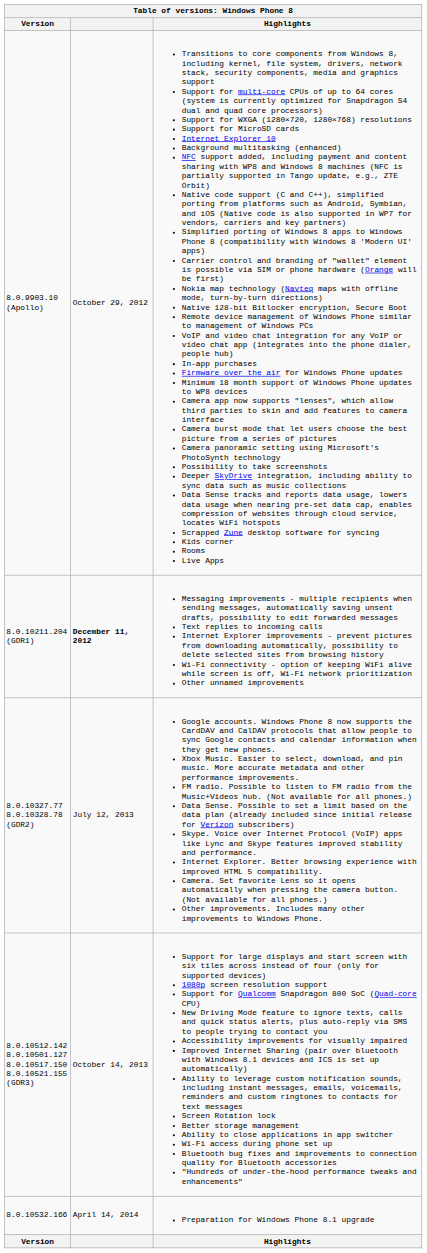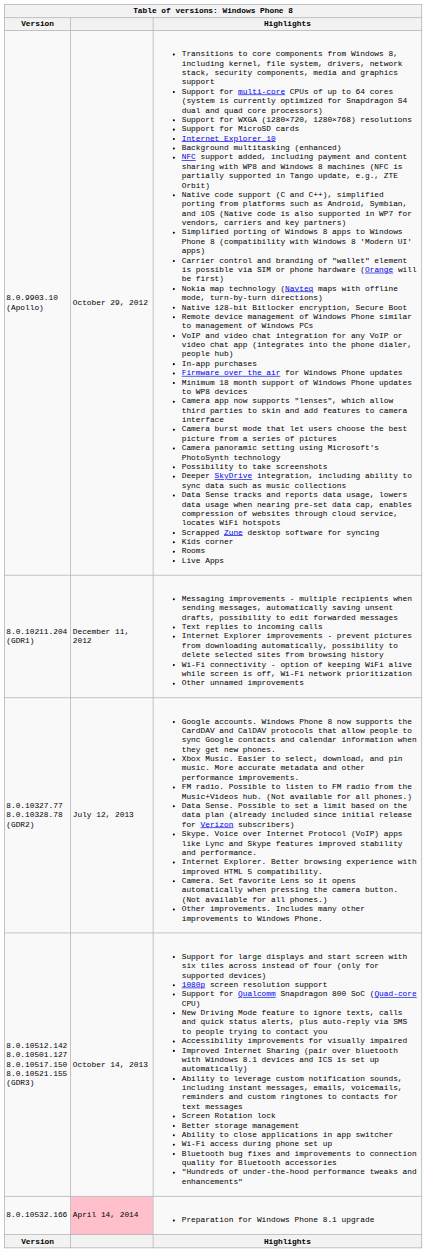 <table class="wikitable collapsible collapsed" style="width:100%; font-size:90%;">
 <tr>
 <th colspan="3">Table of versions: Windows Phone 8</th>
 </tr>
 <tr>
 <th style="width:8em;">Version</th>
 <th style="width:10em;"></th>
 <th>Highlights</th>
 </tr>
 <tr>
 <td style="white-space:nowrap;">8.0.9903.10<br>(Apollo)</td>
 <td>October 29, 2012</td>
 <td><br><ul><li>Transitions to core components from Windows 8, including kernel, file system, drivers, network stack, security components, media and graphics support</li><li>Support for <a href='#'>multi-core</a> CPUs of up to 64 cores (system is currently optimized for Snapdragon S4 dual and quad core processors)</li><li>Support for WXGA (1280×720, 1280×768) resolutions</li><li>Support for MicroSD cards</li><li><a href='#'>Internet Explorer 10</a></li><li>Background multitasking (enhanced)</li><li><a href='#'>NFC</a> support added, including payment and content sharing with WP8 and Windows 8 machines (NFC is partially supported in Tango update, e.g., ZTE Orbit)</li><li>Native code support (C and C++), simplified porting from platforms such as Android, Symbian, and iOS (Native code is also supported in WP7 for vendors, carriers and key partners)</li><li>Simplified porting of Windows 8 apps to Windows Phone 8 (compatibility with Windows 8 'Modern UI' apps)</li><li>Carrier control and branding of "wallet" element is possible via SIM or phone hardware (<a href='#'>Orange</a> will be first)</li><li>Nokia map technology (<a href='#'>Navteq</a> maps with offline mode, turn-by-turn directions)</li><li>Native 128-bit Bitlocker encryption, Secure Boot</li><li>Remote device management of Windows Phone similar to management of Windows PCs</li><li>VoIP and video chat integration for any VoIP or video chat app (integrates into the phone dialer, people hub)</li><li>In-app purchases</li><li><a href='#'>Firmware over the air</a> for Windows Phone updates</li><li>Minimum 18 month support of Windows Phone updates to WP8 devices</li><li>Camera app now supports "lenses", which allow third parties to skin and add features to camera interface</li><li>Camera burst mode that let users choose the best picture from a series of pictures</li><li>Camera panoramic setting using Microsoft's PhotoSynth technology</li><li>Possibility to take screenshots</li><li>Deeper <a href='#'>SkyDrive</a> integration, including ability to sync data such as music collections</li><li>Data Sense tracks and reports data usage, lowers data usage when nearing pre-set data cap, enables compression of websites through cloud service, locates WiFi hotspots</li><li>Scrapped <a href='#'>Zune</a> desktop software for syncing</li><li>Kids corner</li><li>Rooms</li><li>Live Apps</li></ul></td>
 </tr>
 <tr>
 <td style="white-space:nowrap;">8.0.10211.204<br>(GDR1)</td>
-<td><strong>December 11, 2012</strong></td>
+<td>December 11, 2012</td>
 <td><br><ul><li>Messaging improvements - multiple recipients when sending messages, automatically saving unsent drafts, possibility to edit forwarded messages</li><li>Text replies to incoming calls</li><li>Internet Explorer improvements - prevent pictures from downloading automatically, possibility to delete selected sites from browsing history</li><li>Wi-Fi connectivity - option of keeping WiFi alive while screen is off, Wi-Fi network prioritization</li><li>Other unnamed improvements</li></ul></td>
 </tr>
 <tr>
 <td style="white-space:nowrap;">8.0.10327.77<br>8.0.10328.78<br>(GDR2)<br></td>
 <td>July 12, 2013</td>
 <td><br><ul><li>Google accounts. Windows Phone 8 now supports the CardDAV and CalDAV protocols that allow people to sync Google contacts and calendar information when they get new phones.</li><li>Xbox Music. Easier to select, download, and pin music. More accurate metadata and other performance improvements.</li><li>FM radio. Possible to listen to FM radio from the Music+Videos hub. (Not available for all phones.)</li><li>Data Sense. Possible to set a limit based on the data plan (already included since initial release for <a href='#'>Verizon</a> subscribers)</li><li>Skype. Voice over Internet Protocol (VoIP) apps like Lync and Skype features improved stability and performance.</li><li>Internet Explorer. Better browsing experience with improved HTML 5 compatibility.</li><li>Camera. Set favorite Lens so it opens automatically when pressing the camera button. (Not available for all phones.)</li><li>Other improvements. Includes many other improvements to Windows Phone.</li></ul></td>
 </tr>
 <tr>
 <td style="white-space:nowrap;">8.0.10512.142<br>8.0.10501.127<br>8.0.10517.150<br>8.0.10521.155<br>(GDR3)<br></td>
 <td>October 14, 2013</td>
 <td><br><ul><li>Support for large displays and start screen with six tiles across instead of four (only for supported devices)</li><li><a href='#'>1080p</a> screen resolution support</li><li>Support for <a href='#'>Qualcomm</a> Snapdragon 800 SoC (<a href='#'>Quad-core</a> CPU)</li><li>New Driving Mode feature to ignore texts, calls and quick status alerts, plus auto-reply via SMS to people trying to contact you</li><li>Accessibility improvements for visually impaired</li><li>Improved Internet Sharing (pair over bluetooth with Windows 8.1 devices and ICS is set up automatically)</li><li>Ability to leverage custom notification sounds, including instant messages, emails, voicemails, reminders and custom ringtones to contacts for text messages</li><li>Screen Rotation lock</li><li>Better storage management</li><li>Ability to close applications in app switcher</li><li>Wi-Fi access during phone set up</li><li>Bluetooth bug fixes and improvements to connection quality for Bluetooth accessories</li><li>"Hundreds of under-the-hood performance tweaks and enhancements"</li></ul></td>
 </tr>
 <tr>
 <td style="white-space:nowrap;">8.0.10532.166</td>
-<td>April 14, 2014</td>
+<td style="background: pink;">April 14, 2014</td>
 <td><br><ul><li>Preparation for Windows Phone 8.1 upgrade</li></ul></td>
 </tr>
 <tr class="sortbottom">
 <th style="width:8em;">Version</th>
 <th style="width:8em;"></th>
 <th>Highlights</th>
 </tr>
 </table>
